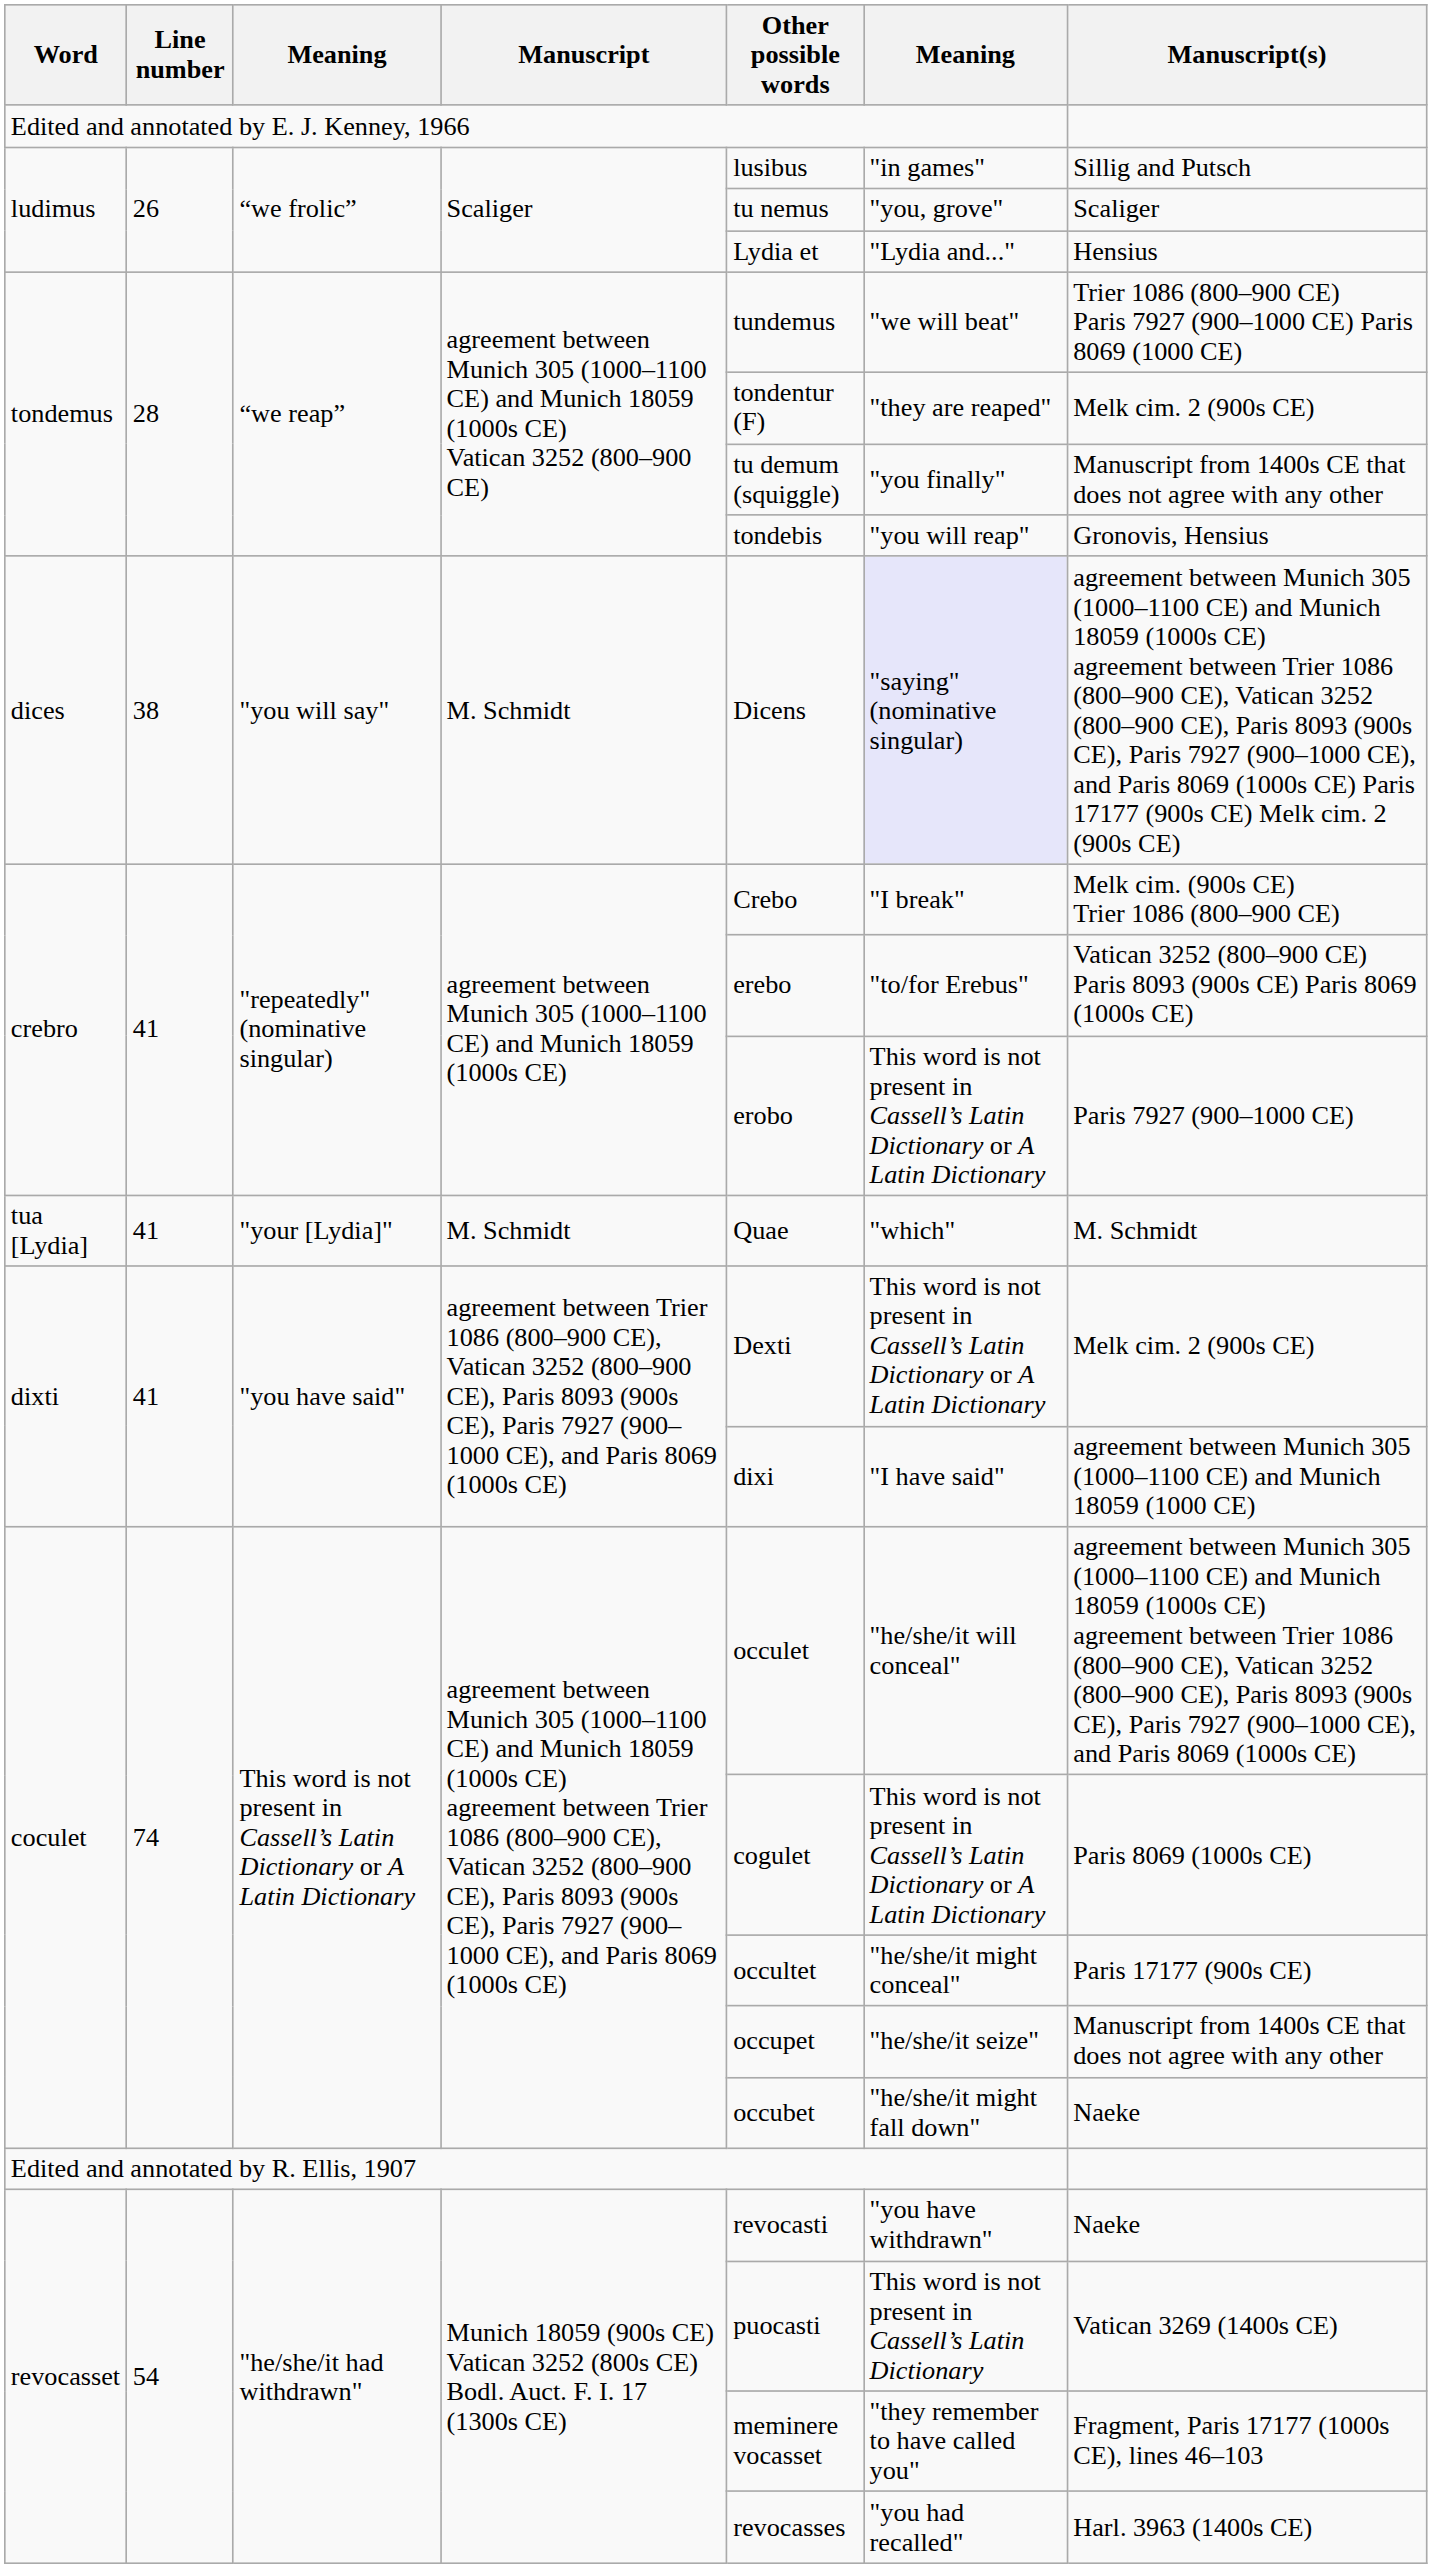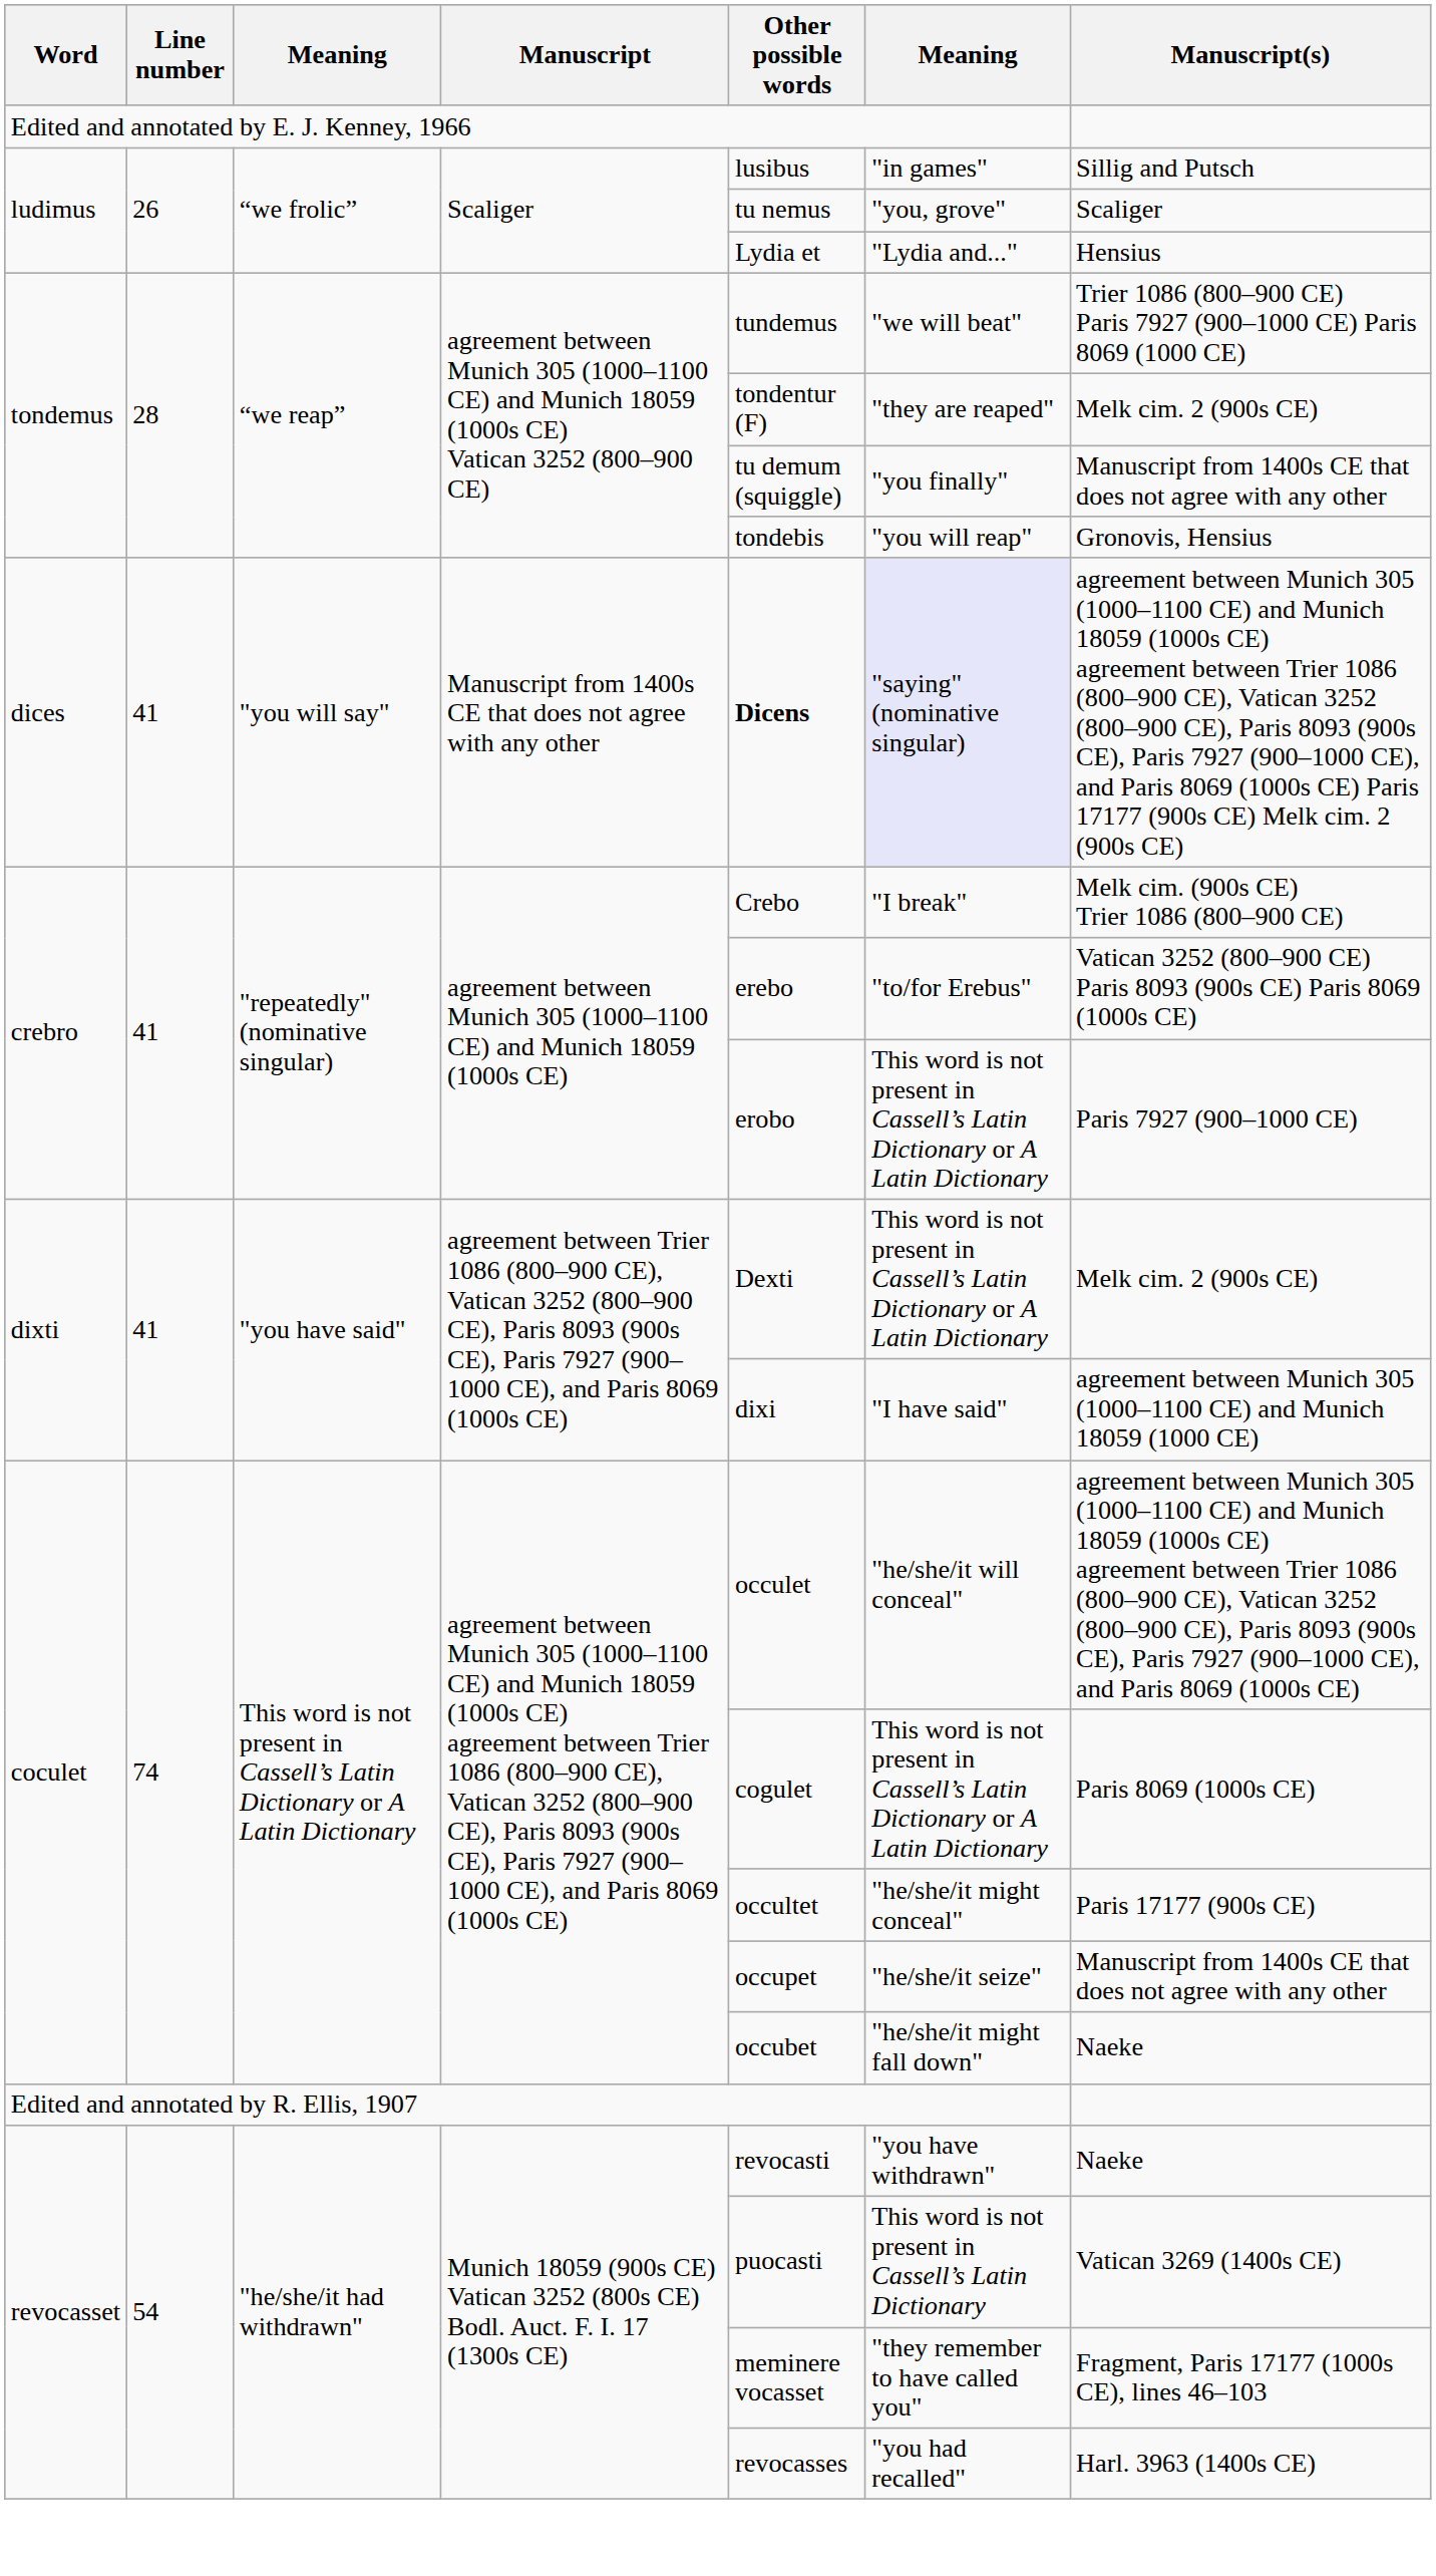 <table class="wikitable">
 <tr>
 <th>Word</th>
 <th>Line number</th>
 <th>Meaning</th>
 <th>Manuscript</th>
 <th>Other possible words</th>
 <th>Meaning</th>
 <th>Manuscript(s)</th>
 </tr>
 <tr>
 <td colspan="6">Edited and annotated by E. J. Kenney, 1966</td>
 <td></td>
 </tr>
 <tr>
 <td rowspan="3">ludimus</td>
 <td rowspan="3">26</td>
 <td rowspan="3">“we frolic”</td>
 <td rowspan="3">Scaliger</td>
 <td>lusibus</td>
 <td>"in games"</td>
 <td>Sillig and Putsch</td>
 </tr>
 <tr>
 <td>tu nemus</td>
 <td>"you, grove"</td>
 <td>Scaliger</td>
 </tr>
 <tr>
 <td>Lydia et</td>
 <td>"Lydia and..."</td>
 <td>Hensius</td>
 </tr>
 <tr>
 <td rowspan="4">tondemus</td>
 <td rowspan="4">28</td>
 <td rowspan="4">“we reap”</td>
 <td rowspan="4">agreement between Munich 305 (1000–1100 CE) and Munich 18059 (1000s CE)<br>Vatican 3252 (800–900 CE)</td>
 <td>tundemus</td>
 <td>"we will beat"</td>
 <td>Trier 1086 (800–900 CE)<br>Paris 7927 (900–1000 CE) Paris 8069 (1000 CE)</td>
 </tr>
 <tr>
 <td>tondentur (F)</td>
 <td>"they are reaped"</td>
 <td>Melk cim. 2 (900s CE)</td>
 </tr>
 <tr>
 <td>tu demum (squiggle)</td>
 <td>"you finally"</td>
 <td>Manuscript from 1400s CE that does not agree with any other</td>
 </tr>
 <tr>
 <td>tondebis</td>
 <td>"you will reap"</td>
 <td>Gronovis, Hensius</td>
 </tr>
 <tr>
 <td>dices</td>
-<td>38</td>
+<td>41</td>
 <td>"you will say"</td>
-<td>M. Schmidt</td>
-<td>Dicens</td>
+<td>Manuscript from 1400s CE that does not agree with any other</td>
+<td><strong>Dicens</strong></td>
 <td style="background: lavender;">"saying" (nominative singular)</td>
 <td>agreement between Munich 305 (1000–1100 CE) and Munich 18059 (1000s CE)<br>agreement between Trier 1086 (800–900 CE), Vatican 3252 (800–900 CE), Paris 8093 (900s CE), Paris 7927 (900–1000 CE), and Paris 8069 (1000s CE) Paris 17177 (900s CE) Melk cim. 2 (900s CE)</td>
 </tr>
 <tr>
 <td rowspan="3">crebro</td>
 <td rowspan="3">41</td>
 <td rowspan="3">"repeatedly" (nominative singular)</td>
 <td rowspan="3">agreement between Munich 305 (1000–1100 CE) and Munich 18059 (1000s CE)</td>
 <td>Crebo</td>
 <td>"I break"</td>
 <td>Melk cim. (900s CE)<br>Trier 1086 (800–900 CE)</td>
 </tr>
 <tr>
 <td>erebo</td>
 <td>"to/for Erebus"</td>
 <td>Vatican 3252 (800–900 CE)<br>Paris 8093 (900s CE) Paris 8069 (1000s CE)</td>
 </tr>
 <tr>
 <td>erobo</td>
 <td>This word is not present in <em>Cassell’s Latin Dictionary</em> or <em>A Latin Dictionary</em></td>
 <td>Paris 7927 (900–1000 CE)</td>
-</tr>
-<tr>
-<td>tua [Lydia]</td>
-<td>41</td>
-<td>"your [Lydia]"</td>
-<td>M. Schmidt</td>
-<td>Quae</td>
-<td>"which"</td>
-<td>M. Schmidt</td>
 </tr>
 <tr>
 <td rowspan="2">dixti</td>
 <td rowspan="2">41</td>
 <td rowspan="2">"you have said"</td>
 <td rowspan="2">agreement between Trier 1086 (800–900 CE), Vatican 3252 (800–900 CE), Paris 8093 (900s CE), Paris 7927 (900–1000 CE), and Paris 8069 (1000s CE)</td>
 <td>Dexti</td>
 <td>This word is not present in <em>Cassell’s Latin Dictionary</em> or <em>A Latin Dictionary</em></td>
 <td>Melk cim. 2 (900s CE)</td>
 </tr>
 <tr>
 <td>dixi</td>
 <td>"I have said"</td>
 <td>agreement between Munich 305 (1000–1100 CE) and Munich 18059 (1000 CE)</td>
 </tr>
 <tr>
 <td rowspan="5">coculet</td>
 <td rowspan="5">74</td>
 <td rowspan="5">This word is not present in <em>Cassell’s Latin Dictionary</em> or <em>A Latin Dictionary</em></td>
 <td rowspan="5">agreement between Munich 305 (1000–1100 CE) and Munich 18059 (1000s CE)<br>agreement between Trier 1086 (800–900 CE), Vatican 3252 (800–900 CE), Paris 8093 (900s CE), Paris 7927 (900–1000 CE), and Paris 8069 (1000s CE)</td>
 <td>occulet</td>
 <td>"he/she/it will conceal"</td>
 <td>agreement between Munich 305 (1000–1100 CE) and Munich 18059 (1000s CE)<br>agreement between Trier 1086 (800–900 CE), Vatican 3252 (800–900 CE), Paris 8093 (900s CE), Paris 7927 (900–1000 CE), and Paris 8069 (1000s CE)</td>
 </tr>
 <tr>
 <td>cogulet</td>
 <td>This word is not present in <em>Cassell’s Latin Dictionary</em> or <em>A Latin Dictionary</em></td>
 <td>Paris 8069 (1000s CE)</td>
 </tr>
 <tr>
 <td>occultet</td>
 <td>"he/she/it might conceal"</td>
 <td>Paris 17177 (900s CE)</td>
 </tr>
 <tr>
 <td>occupet</td>
 <td>"he/she/it seize"</td>
 <td>Manuscript from 1400s CE that does not agree with any other</td>
 </tr>
 <tr>
 <td>occubet</td>
 <td>"he/she/it might fall down"</td>
 <td>Naeke</td>
 </tr>
 <tr>
 <td colspan="6">Edited and annotated by R. Ellis, 1907</td>
 <td></td>
 </tr>
 <tr>
 <td rowspan="4">revocasset</td>
 <td rowspan="4">54</td>
 <td rowspan="4">"he/she/it had withdrawn"</td>
 <td rowspan="4">Munich 18059 (900s CE)<br>Vatican 3252 (800s CE) Bodl. Auct. F. I. 17 (1300s CE)</td>
 <td>revocasti</td>
 <td>"you have withdrawn"</td>
 <td>Naeke</td>
 </tr>
 <tr>
 <td>puocasti</td>
 <td>This word is not present in <em>Cassell’s Latin Dictionary</em></td>
 <td>Vatican 3269 (1400s CE)</td>
 </tr>
 <tr>
 <td>meminere vocasset</td>
 <td>"they remember to have called you"</td>
 <td>Fragment, Paris 17177 (1000s CE), lines 46–103</td>
 </tr>
 <tr>
 <td>revocasses</td>
 <td>"you had recalled"</td>
 <td>Harl. 3963 (1400s CE)</td>
 </tr>
 </table>
